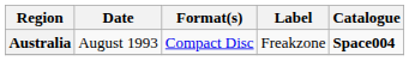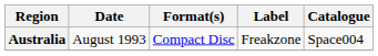 <table class="wikitable plainrowheaders">
 <tr>
 <th scope="col">Region</th>
 <th scope="col">Date</th>
 <th scope="col">Format(s)</th>
 <th scope="col">Label</th>
 <th scope="col">Catalogue</th>
 </tr>
 <tr>
 <th scope="row">Australia</th>
 <td>August 1993</td>
 <td><a href='#'>Compact Disc</a></td>
 <td>Freakzone</td>
-<td><strong>Space004</strong></td>
+<td>Space004</td>
 </tr>
 <tr>
 </tr>
 </table>
